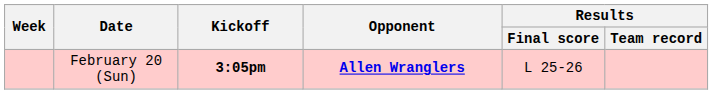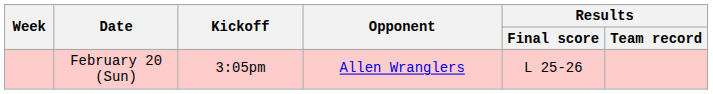 <table class="wikitable">
 <tr>
 <th rowspan="2" width="40">Week</th>
 <th rowspan="2" width="110">Date</th>
 <th rowspan="2" width="110">Kickoff</th>
 <th rowspan="2" width="180">Opponent</th>
 <th colspan="2" width="180">Results</th>
 </tr>
 <tr>
 <th width="90">Final score</th>
 <th width="90">Team record</th>
 </tr>
 <tr align="center" bgcolor="#FFCCCC">
 <td align="center"></td>
 <td align="center">February 20 (Sun)</td>
-<td align="center"><strong>3:05pm</strong></td>
-<td align="center"><strong><a href='#'>Allen Wranglers</a></strong></td>
+<td align="center">3:05pm</td>
+<td align="center"><a href='#'>Allen Wranglers</a></td>
 <td align="center">L 25-26</td>
 <td align="center"></td>
 </tr>
 </table>
